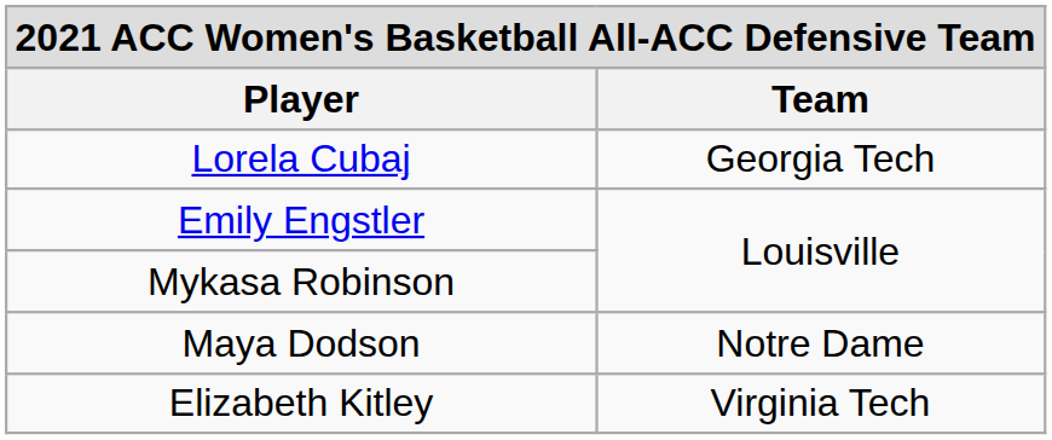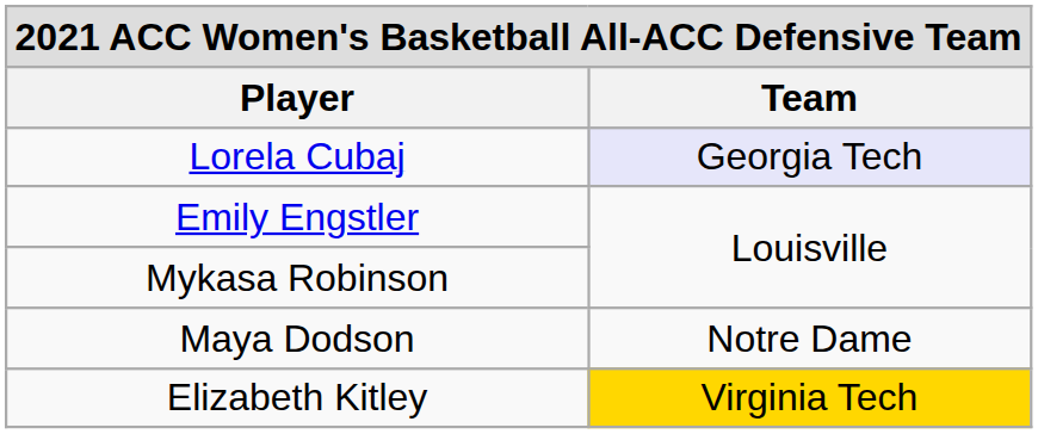 <table class="wikitable" style="white-space:nowrap; font-size:90%; text-align: center;">
 <tr>
 <td colspan="4" style="text-align:center; background:#ddd;"><strong>2021 ACC Women's Basketball All-ACC Defensive Team</strong></td>
 </tr>
 <tr>
 <th>Player</th>
 <th>Team</th>
 </tr>
 <tr>
 <td><a href='#'>Lorela Cubaj</a></td>
-<td>Georgia Tech</td>
+<td style="background: lavender;">Georgia Tech</td>
 </tr>
 <tr>
 <td><a href='#'>Emily Engstler</a></td>
 <td rowspan=2>Louisville</td>
 </tr>
 <tr>
 <td>Mykasa Robinson</td>
 </tr>
 <tr>
 <td>Maya Dodson</td>
 <td>Notre Dame</td>
 </tr>
 <tr>
 <td>Elizabeth Kitley</td>
-<td>Virginia Tech</td>
+<td style="background: gold;">Virginia Tech</td>
 </tr>
 </table>
